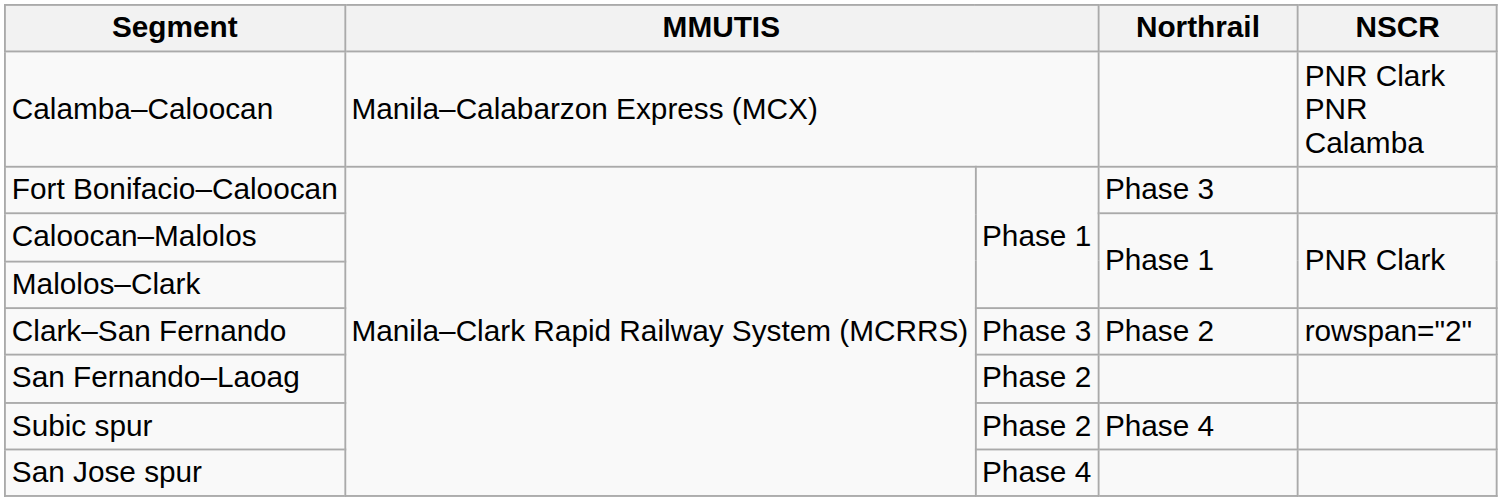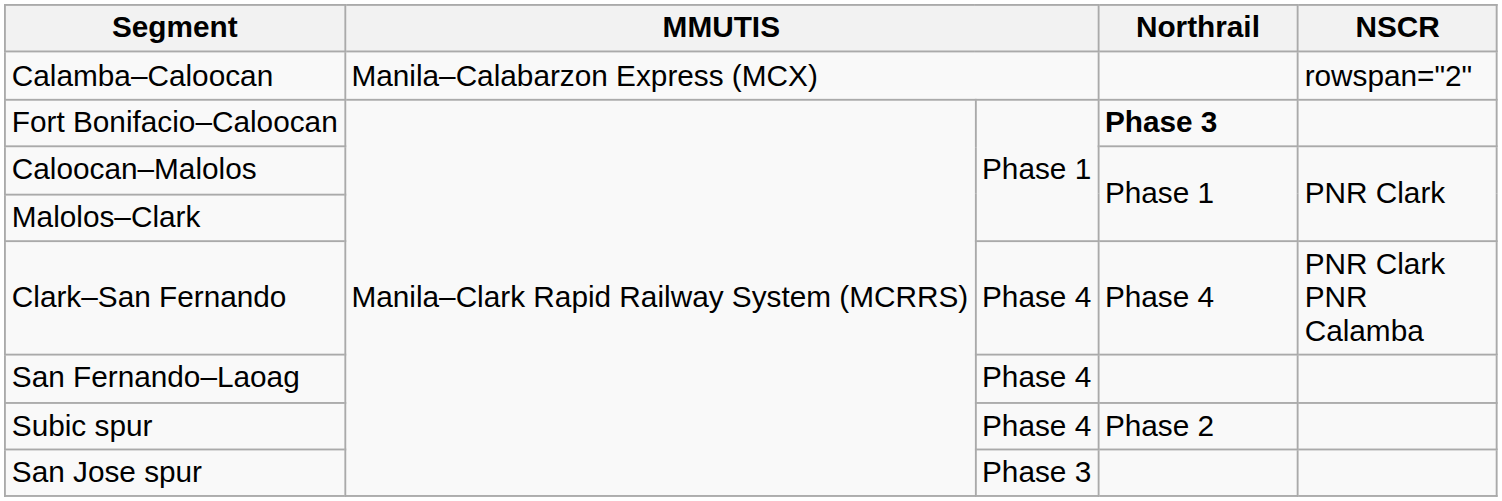 <table class="wikitable">
 <tr>
 <th>Segment</th>
 <th colspan="2" width="100">MMUTIS</th>
 <th width="100">Northrail</th>
 <th width="100">NSCR</th>
 </tr>
 <tr>
 <td>Calamba–Caloocan</td>
 <td colspan="2">Manila–Calabarzon Express (MCX)</td>
 <td></td>
-<td>PNR Clark<br>PNR Calamba</td>
+<td>rowspan="2" </td>
 </tr>
 <tr>
 <td>Fort Bonifacio–Caloocan</td>
 <td rowspan="7">Manila–Clark Rapid Railway System (MCRRS)</td>
 <td rowspan="3">Phase 1</td>
-<td>Phase 3</td>
+<td><strong>Phase 3</strong></td>
 <td></td>
 </tr>
 <tr>
 <td>Caloocan–Malolos</td>
 <td rowspan="2">Phase 1</td>
 <td rowspan="2">PNR Clark</td>
 </tr>
 <tr>
 <td>Malolos–Clark</td>
 </tr>
 <tr>
 <td>Clark–San Fernando</td>
-<td>Phase 3</td>
-<td>Phase 2</td>
-<td>rowspan="2" </td>
+<td>Phase 4</td>
+<td>Phase 4</td>
+<td>PNR Clark<br>PNR Calamba</td>
 </tr>
 <tr>
 <td>San Fernando–Laoag</td>
+<td>Phase 4</td>
+<td></td>
+</tr>
+<tr>
+<td>Subic spur</td>
+<td>Phase 4</td>
 <td>Phase 2</td>
 <td></td>
 </tr>
 <tr>
-<td>Subic spur</td>
-<td>Phase 2</td>
-<td>Phase 4</td>
-<td></td>
-</tr>
-<tr>
 <td>San Jose spur</td>
-<td>Phase 4</td>
+<td>Phase 3</td>
 <td></td>
 <td></td>
 </tr>
 </table>
